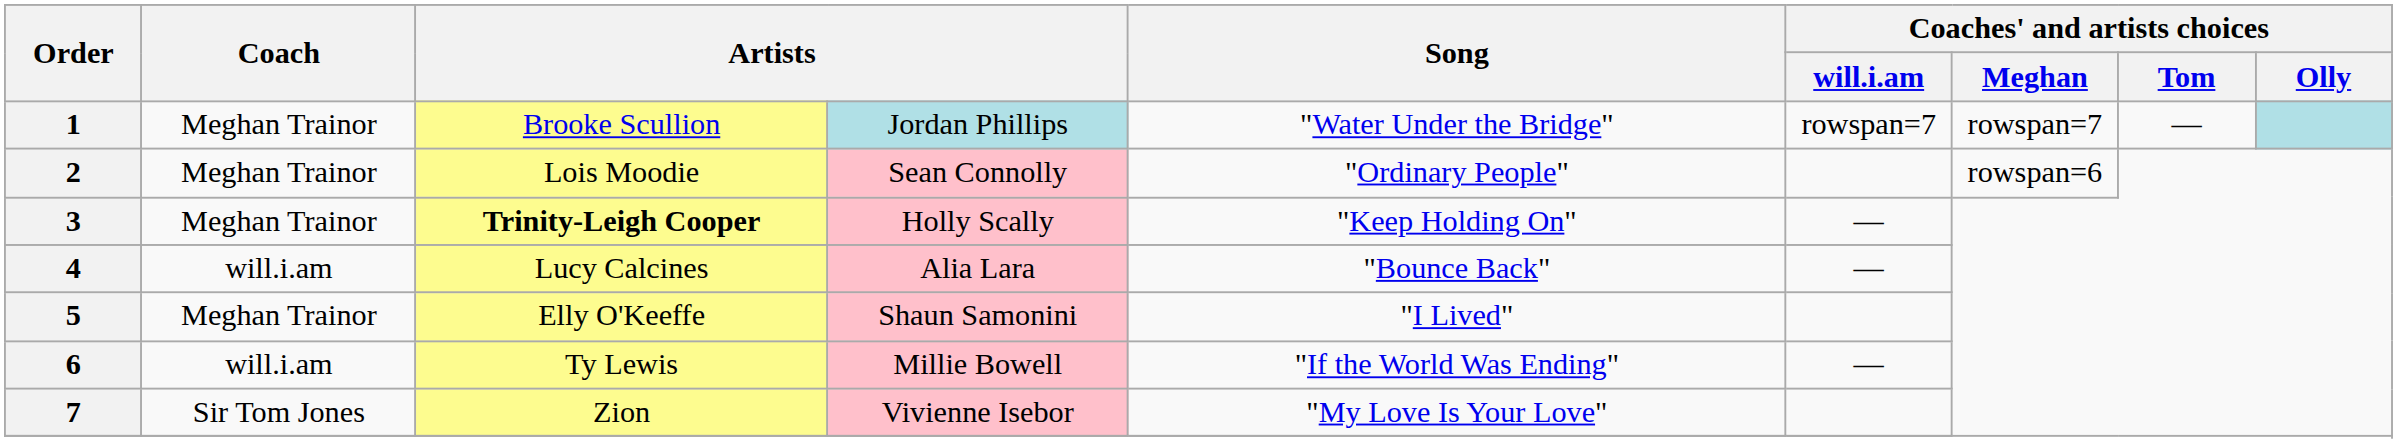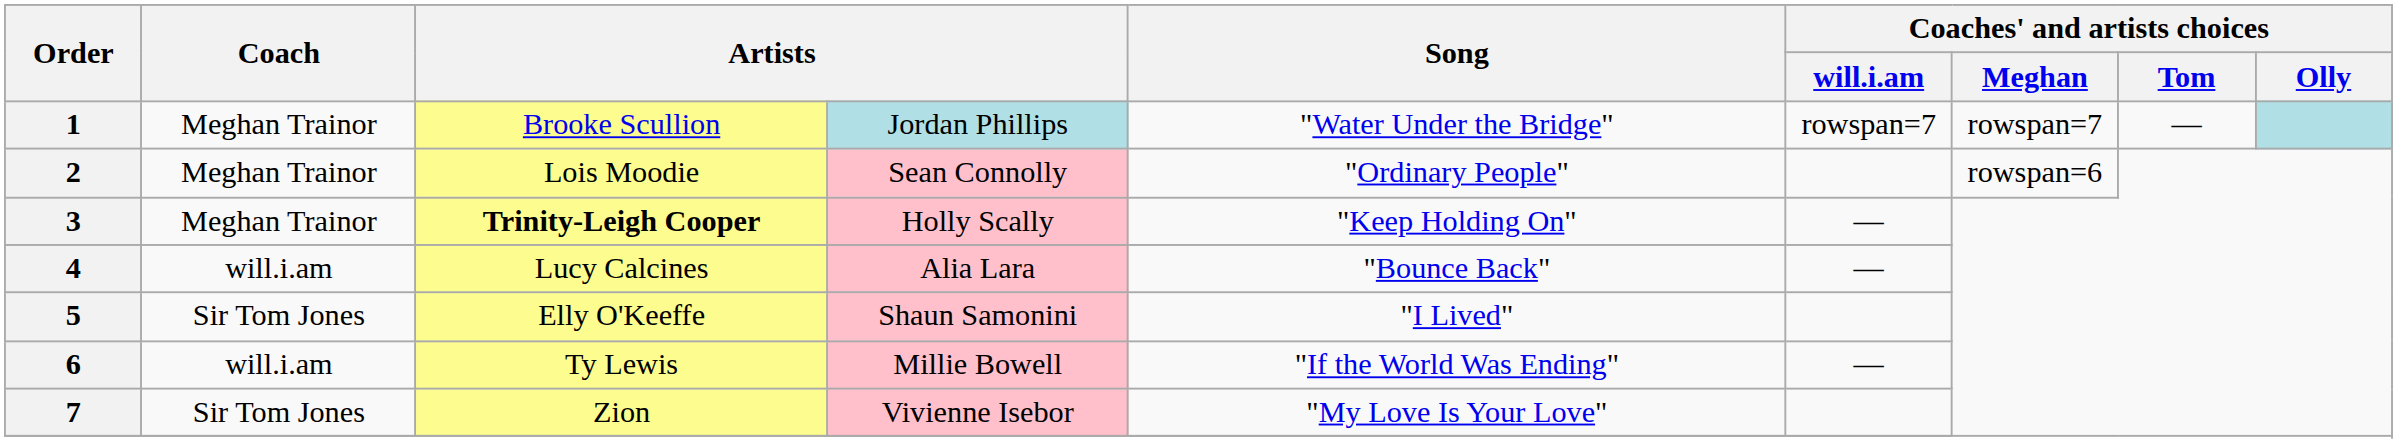 <table class="wikitable" style="text-align:center; width:100%;">
 <tr>
 <th scope="col" style="width:05%;" rowspan="2">Order</th>
 <th scope="col" style="width:10%;" rowspan="2">Coach</th>
 <th scope="col" style="width:26%;" colspan="2" rowspan="2">Artists</th>
 <th scope="col" style="width:24%;" rowspan="2">Song</th>
 <th scope="col" style="width:20%;" colspan="4">Coaches' and artists choices</th>
 </tr>
 <tr>
 <th style="width:05%;"><a href='#'>will.i.am</a></th>
 <th style="width:05%;"><a href='#'>Meghan</a></th>
 <th style="width:05%;"><a href='#'>Tom</a></th>
 <th style="width:05%;"><a href='#'>Olly</a></th>
 </tr>
 <tr>
 <th scope="col">1</th>
 <td>Meghan Trainor</td>
 <td style="background:#fdfc8f;text-align:center;"><a href='#'>Brooke Scullion</a></td>
 <td style="background:#b0e0e6;text-align:center;">Jordan Phillips</td>
 <td>"<a href='#'>Water Under the Bridge</a>"</td>
 <td>rowspan=7 </td>
 <td>rowspan=7 </td>
 <td>—</td>
 <td style="background:#b0e0e6;"><strong></strong></td>
 </tr>
 <tr>
 <th scope="col">2</th>
 <td>Meghan Trainor</td>
 <td style="background:#fdfc8f;text-align:center;">Lois Moodie</td>
 <td style="background:pink;text-align:center;">Sean Connolly</td>
 <td>"<a href='#'>Ordinary People</a>"</td>
 <td></td>
 <td>rowspan=6 </td>
 </tr>
 <tr>
 <th scope="col">3</th>
 <td>Meghan Trainor</td>
 <td style="background:#fdfc8f;text-align:center;"><strong>Trinity-Leigh Cooper</strong></td>
 <td style="background:pink;text-align:center;">Holly Scally</td>
 <td>"<a href='#'>Keep Holding On</a>"</td>
 <td>—</td>
 </tr>
 <tr>
 <th scope="col">4</th>
 <td>will.i.am</td>
 <td style="background:#fdfc8f;text-align:center;">Lucy Calcines</td>
 <td style="background:pink;text-align:center;">Alia Lara</td>
 <td>"<a href='#'>Bounce Back</a>"</td>
 <td>—</td>
 </tr>
 <tr>
 <th scope="col">5</th>
-<td>Meghan Trainor</td>
+<td>Sir Tom Jones</td>
 <td style="background:#fdfc8f;text-align:center;">Elly O'Keeffe</td>
 <td style="background:pink;text-align:center;">Shaun Samonini</td>
 <td>"<a href='#'>I Lived</a>"</td>
 <td></td>
 </tr>
 <tr>
 <th scope="col">6</th>
 <td>will.i.am</td>
 <td style="background:#fdfc8f;text-align:center;">Ty Lewis</td>
 <td style="background:pink;text-align:center;">Millie Bowell</td>
 <td>"<a href='#'>If the World Was Ending</a>"</td>
 <td>—</td>
 </tr>
 <tr>
 <th scope="col">7</th>
 <td>Sir Tom Jones</td>
 <td style="background:#fdfc8f;text-align:center;">Zion</td>
 <td style="background:pink;text-align:center;">Vivienne Isebor</td>
 <td>"<a href='#'>My Love Is Your Love</a>"</td>
 <td></td>
 </tr>
 <tr>
 </tr>
 </table>
